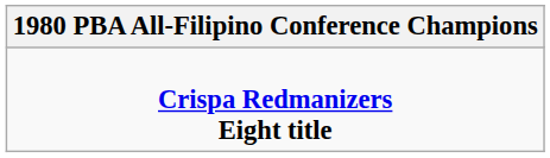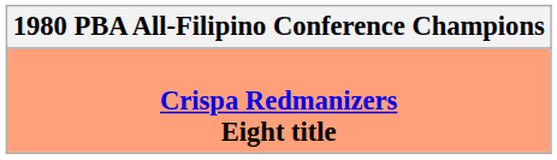 <table class=wikitable style="text-align:center; margin:auto">
 <tr>
 <th>1980 PBA All-Filipino Conference Champions</th>
 </tr>
 <tr>
-<td><br> <strong><a href='#'>Crispa Redmanizers</a></strong> <br> <strong>Eight title</strong></td>
+<td style="background: lightsalmon;"><br> <strong><a href='#'>Crispa Redmanizers</a></strong> <br> <strong>Eight title</strong></td>
 </tr>
 </table>
